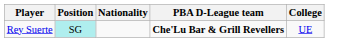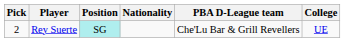 <table class="wikitable sortable sortable" style="text-align: center">
 <tr>
+<th>Pick</th>
 <th>Player</th>
 <th>Position</th>
 <th>Nationality</th>
 <th>PBA D-League team</th>
 <th>College</th>
 </tr>
 <tr>
+<td>2</td>
 <td><a href='#'>Rey Suerte</a></td>
 <td style="background: paleturquoise;">SG</td>
 <td></td>
-<td><strong>Che'Lu Bar & Grill Revellers</strong></td>
+<td>Che'Lu Bar & Grill Revellers</td>
 <td><a href='#'>UE</a></td>
 </tr>
 </table>
